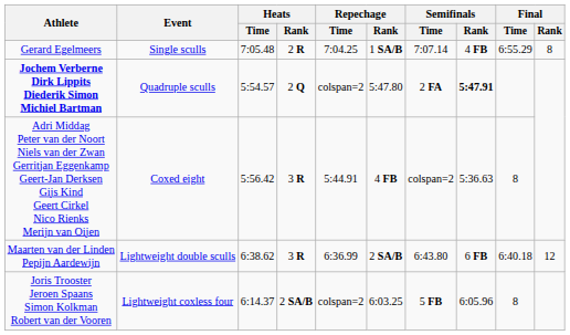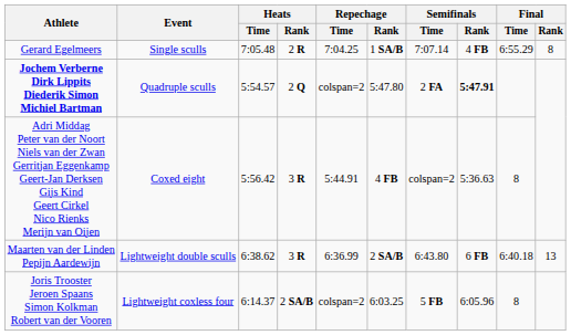 <table class="wikitable" style="font-size:90%;">
 <tr>
 <th rowspan="2">Athlete</th>
 <th rowspan="2">Event</th>
 <th colspan="2">Heats</th>
 <th colspan="2">Repechage</th>
 <th colspan="2">Semifinals</th>
 <th colspan="2">Final</th>
 </tr>
 <tr style="font-size:95%">
 <th>Time</th>
 <th>Rank</th>
 <th>Time</th>
 <th>Rank</th>
 <th>Time</th>
 <th>Rank</th>
 <th>Time</th>
 <th>Rank</th>
 </tr>
 <tr align=center>
 <td><a href='#'>Gerard Egelmeers</a></td>
 <td><a href='#'>Single sculls</a></td>
 <td>7:05.48</td>
 <td>2 <strong>R</strong></td>
 <td>7:04.25</td>
 <td>1 <strong>SA/B</strong></td>
 <td>7:07.14</td>
 <td>4 <strong>FB</strong></td>
 <td>6:55.29</td>
 <td>8</td>
 </tr>
 <tr align=center>
 <td><strong><a href='#'>Jochem Verberne</a><br><a href='#'>Dirk Lippits</a><br><a href='#'>Diederik Simon</a><br><a href='#'>Michiel Bartman</a></strong></td>
 <td><a href='#'>Quadruple sculls</a></td>
 <td>5:54.57</td>
 <td>2 <strong>Q</strong></td>
 <td>colspan=2 </td>
 <td>5:47.80</td>
 <td>2 <strong>FA</strong></td>
 <td><strong>5:47.91</strong></td>
 <td></td>
 </tr>
 <tr align=center>
 <td><a href='#'>Adri Middag</a><br><a href='#'>Peter van der Noort</a><br><a href='#'>Niels van der Zwan</a><br><a href='#'>Gerritjan Eggenkamp</a><br><a href='#'>Geert-Jan Derksen</a><br><a href='#'>Gijs Kind</a><br><a href='#'>Geert Cirkel</a><br><a href='#'>Nico Rienks</a><br><a href='#'>Merijn van Oijen</a></td>
 <td><a href='#'>Coxed eight</a></td>
 <td>5:56.42</td>
 <td>3 <strong>R</strong></td>
 <td>5:44.91</td>
 <td>4 <strong>FB</strong></td>
 <td>colspan=2 </td>
 <td>5:36.63</td>
 <td>8</td>
 </tr>
 <tr align=center>
 <td><a href='#'>Maarten van der Linden</a><br><a href='#'>Pepijn Aardewijn</a></td>
 <td><a href='#'>Lightweight double sculls</a></td>
 <td>6:38.62</td>
 <td>3 <strong>R</strong></td>
 <td>6:36.99</td>
 <td>2 <strong>SA/B</strong></td>
 <td>6:43.80</td>
 <td>6 <strong>FB</strong></td>
 <td>6:40.18</td>
-<td>12</td>
+<td>13</td>
 </tr>
 <tr align=center>
 <td><a href='#'>Joris Trooster</a><br><a href='#'>Jeroen Spaans</a><br><a href='#'>Simon Kolkman</a><br><a href='#'>Robert van der Vooren</a></td>
 <td><a href='#'>Lightweight coxless four</a></td>
 <td>6:14.37</td>
 <td>2 <strong>SA/B</strong></td>
 <td>colspan=2 </td>
 <td>6:03.25</td>
 <td>5 <strong>FB</strong></td>
 <td>6:05.96</td>
 <td>8</td>
 </tr>
 </table>
